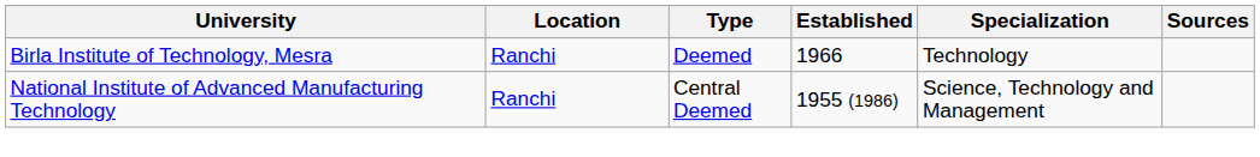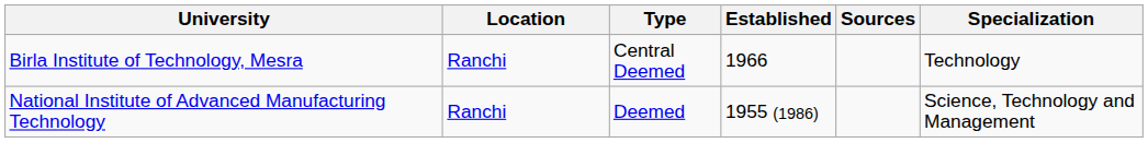 <table class="wikitable sortable collapsible plainrowheaders" style="-align:left; width:76%;">
 <tr>
 <th scope="col" style="width: 40%;">University</th>
 <th scope="col" style="width: 15%;">Location</th>
 <th scope="col" style="width: 10%;">Type</th>
 <th scope="col" style="width: 10%;">Established</th>
+<th scope="col" style="width: 05%;">Sources</th>
 <th scope="col" style="width: 20%;">Specialization</th>
-<th scope="col" style="width: 05%;">Sources</th>
 </tr>
 <tr>
 <td><a href='#'>Birla Institute of Technology, Mesra</a></td>
 <td><a href='#'>Ranchi</a></td>
-<td><a href='#'>Deemed</a></td>
+<td>Central <a href='#'>Deemed</a></td>
 <td>1966</td>
+<td></td>
 <td>Technology</td>
-<td></td>
 </tr>
 <tr>
 <td><a href='#'>National Institute of Advanced Manufacturing Technology</a></td>
 <td><a href='#'>Ranchi</a></td>
-<td>Central <a href='#'>Deemed</a></td>
+<td><a href='#'>Deemed</a></td>
 <td>1955 <small>(1986<sup></sup>)</small></td>
+<td></td>
 <td>Science, Technology and Management</td>
-<td></td>
 </tr>
 </table>
